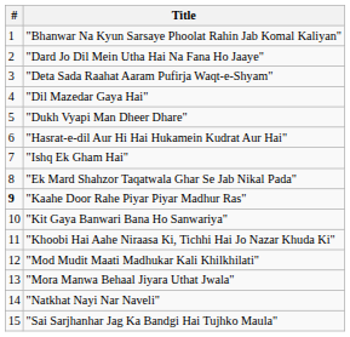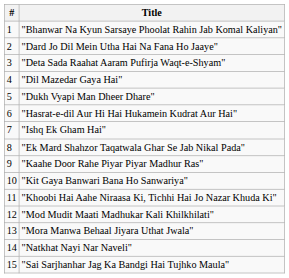 <table class="wikitable" style="font-size:95%;">
 <tr>
 <th>#</th>
 <th>Title</th>
 </tr>
 <tr>
 <td>1</td>
 <td>"Bhanwar Na Kyun Sarsaye Phoolat Rahin Jab Komal Kaliyan"</td>
 </tr>
 <tr>
 <td>2</td>
 <td>"Dard Jo Dil Mein Utha Hai Na Fana Ho Jaaye"</td>
 </tr>
 <tr>
 <td>3</td>
 <td>"Deta Sada Raahat Aaram Pufirja Waqt-e-Shyam"</td>
 </tr>
 <tr>
 <td>4</td>
 <td>"Dil Mazedar Gaya Hai"</td>
 </tr>
 <tr>
 <td>5</td>
 <td>"Dukh Vyapi Man Dheer Dhare"</td>
 </tr>
 <tr>
 <td>6</td>
 <td>"Hasrat-e-dil Aur Hi Hai Hukamein Kudrat Aur Hai"</td>
 </tr>
 <tr>
 <td>7</td>
 <td>"Ishq Ek Gham Hai"</td>
 </tr>
 <tr>
 <td>8</td>
 <td>"Ek Mard Shahzor Taqatwala Ghar Se Jab Nikal Pada"</td>
 </tr>
 <tr>
-<td><strong>9</strong></td>
+<td>9</td>
 <td>"Kaahe Door Rahe Piyar Piyar Madhur Ras"</td>
 </tr>
 <tr>
 <td>10</td>
 <td>"Kit Gaya Banwari Bana Ho Sanwariya"</td>
 </tr>
 <tr>
 <td>11</td>
 <td>"Khoobi Hai Aahe Niraasa Ki, Tichhi Hai Jo Nazar Khuda Ki"</td>
 </tr>
 <tr>
 <td>12</td>
 <td>"Mod Mudit Maati Madhukar Kali Khilkhilati"</td>
 </tr>
 <tr>
 <td>13</td>
 <td>"Mora Manwa Behaal Jiyara Uthat Jwala"</td>
 </tr>
 <tr>
 <td>14</td>
 <td>"Natkhat Nayi Nar Naveli"</td>
 </tr>
 <tr>
 <td>15</td>
 <td>"Sai Sarjhanhar Jag Ka Bandgi Hai Tujhko Maula"</td>
 </tr>
 </table>
